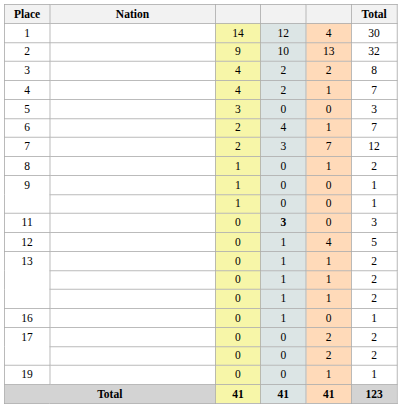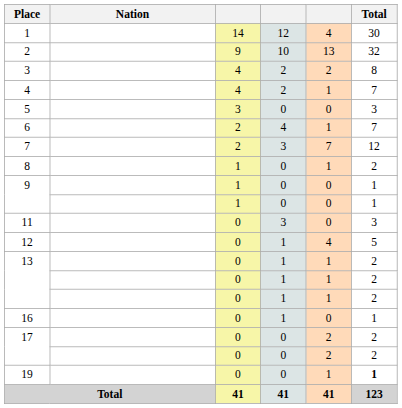 <table class=wikitable style="border:1px solid #AAAAAA;font-size:90%">
 <tr bgcolor="#EFEFEF">
 <th width=50>Place</th>
 <th width=200>Nation</th>
 <th width=50></th>
 <th width=50></th>
 <th width=50></th>
 <th width=50>Total</th>
 </tr>
 <tr align="center" valign="top" bgcolor="#FFFFFF">
 <td>1</td>
 <td align="left"></td>
 <td style="background:#F7F6A8;">14</td>
 <td style="background:#DCE5E5;">12</td>
 <td style="background:#FFDAB9;">4</td>
 <td>30</td>
 </tr>
 <tr align="center" valign="top" bgcolor="#FFFFFF">
 <td>2</td>
 <td align="left"></td>
 <td style="background:#F7F6A8;">9</td>
 <td style="background:#DCE5E5;">10</td>
 <td style="background:#FFDAB9;">13</td>
 <td>32</td>
 </tr>
 <tr align="center" valign="top" bgcolor="#FFFFFF">
 <td>3</td>
 <td align="left"></td>
 <td style="background:#F7F6A8;">4</td>
 <td style="background:#DCE5E5;">2</td>
 <td style="background:#FFDAB9;">2</td>
 <td>8</td>
 </tr>
 <tr align="center" valign="top" bgcolor="#FFFFFF">
 <td>4</td>
 <td align="left"></td>
 <td style="background:#F7F6A8;">4</td>
 <td style="background:#DCE5E5;">2</td>
 <td style="background:#FFDAB9;">1</td>
 <td>7</td>
 </tr>
 <tr align="center" valign="top" bgcolor="#FFFFFF">
 <td>5</td>
 <td align="left"></td>
 <td style="background:#F7F6A8;">3</td>
 <td style="background:#DCE5E5;">0</td>
 <td style="background:#FFDAB9;">0</td>
 <td>3</td>
 </tr>
 <tr align="center" valign="top" bgcolor="#FFFFFF">
 <td>6</td>
 <td align="left"></td>
 <td style="background:#F7F6A8;">2</td>
 <td style="background:#DCE5E5;">4</td>
 <td style="background:#FFDAB9;">1</td>
 <td>7</td>
 </tr>
 <tr align="center" valign="top" bgcolor="#FFFFFF">
 <td>7</td>
 <td align="left"></td>
 <td style="background:#F7F6A8;">2</td>
 <td style="background:#DCE5E5;">3</td>
 <td style="background:#FFDAB9;">7</td>
 <td>12</td>
 </tr>
 <tr align="center" valign="top" bgcolor="#FFFFFF">
 <td>8</td>
 <td align="left"></td>
 <td style="background:#F7F6A8;">1</td>
 <td style="background:#DCE5E5;">0</td>
 <td style="background:#FFDAB9;">1</td>
 <td>2</td>
 </tr>
 <tr align="center" valign="top" bgcolor="#FFFFFF">
 <td rowspan="2" valign="center">9</td>
 <td align="left"></td>
 <td style="background:#F7F6A8;">1</td>
 <td style="background:#DCE5E5;">0</td>
 <td style="background:#FFDAB9;">0</td>
 <td>1</td>
 </tr>
 <tr align="center" valign="top" bgcolor="#FFFFFF">
 <td align="left"></td>
 <td style="background:#F7F6A8;">1</td>
 <td style="background:#DCE5E5;">0</td>
 <td style="background:#FFDAB9;">0</td>
 <td>1</td>
 </tr>
 <tr align="center" valign="top" bgcolor="#FFFFFF">
 <td>11</td>
 <td align="left"></td>
 <td style="background:#F7F6A8;">0</td>
-<td style="background:#DCE5E5;"><strong>3</strong></td>
+<td style="background:#DCE5E5;">3</td>
 <td style="background:#FFDAB9;">0</td>
 <td>3</td>
 </tr>
 <tr align="center" valign="top" bgcolor="#FFFFFF">
 <td>12</td>
 <td align="left"></td>
 <td style="background:#F7F6A8;">0</td>
 <td style="background:#DCE5E5;">1</td>
 <td style="background:#FFDAB9;">4</td>
 <td>5</td>
 </tr>
 <tr align="center" valign="top" bgcolor="#FFFFFF">
 <td rowspan="3" valign="center">13</td>
 <td align="left"></td>
 <td style="background:#F7F6A8;">0</td>
 <td style="background:#DCE5E5;">1</td>
 <td style="background:#FFDAB9;">1</td>
 <td>2</td>
 </tr>
 <tr align="center" valign="top" bgcolor="#FFFFFF">
 <td align="left"></td>
 <td style="background:#F7F6A8;">0</td>
 <td style="background:#DCE5E5;">1</td>
 <td style="background:#FFDAB9;">1</td>
 <td>2</td>
 </tr>
 <tr align="center" valign="top" bgcolor="#FFFFFF">
 <td align="left"></td>
 <td style="background:#F7F6A8;">0</td>
 <td style="background:#DCE5E5;">1</td>
 <td style="background:#FFDAB9;">1</td>
 <td>2</td>
 </tr>
 <tr align="center" valign="top" bgcolor="#FFFFFF">
 <td>16</td>
 <td align="left"></td>
 <td style="background:#F7F6A8;">0</td>
 <td style="background:#DCE5E5;">1</td>
 <td style="background:#FFDAB9;">0</td>
 <td>1</td>
 </tr>
 <tr align="center" valign="top" bgcolor="#FFFFFF">
 <td rowspan="2" valign="center">17</td>
 <td align="left"></td>
 <td style="background:#F7F6A8;">0</td>
 <td style="background:#DCE5E5;">0</td>
 <td style="background:#FFDAB9;">2</td>
 <td>2</td>
 </tr>
 <tr align="center" valign="top" bgcolor="#FFFFFF">
 <td align="left"></td>
 <td style="background:#F7F6A8;">0</td>
 <td style="background:#DCE5E5;">0</td>
 <td style="background:#FFDAB9;">2</td>
 <td>2</td>
 </tr>
 <tr align="center" valign="top" bgcolor="#FFFFFF">
 <td>19</td>
 <td align="left"></td>
 <td style="background:#F7F6A8;">0</td>
 <td style="background:#DCE5E5;">0</td>
 <td style="background:#FFDAB9;">1</td>
-<td>1</td>
+<td><strong>1</strong></td>
 </tr>
 <tr align="center">
 <td colspan="2" bgcolor=D3D3D3><strong>Total</strong></td>
 <td style="background:#F7F6A8;"><strong>41</strong></td>
 <td style="background:#DCE5E5;"><strong>41</strong></td>
 <td style="background:#FFDAB9;"><strong>41</strong></td>
 <td bgcolor=D3D3D3><strong>123</strong></td>
 </tr>
 </table>
